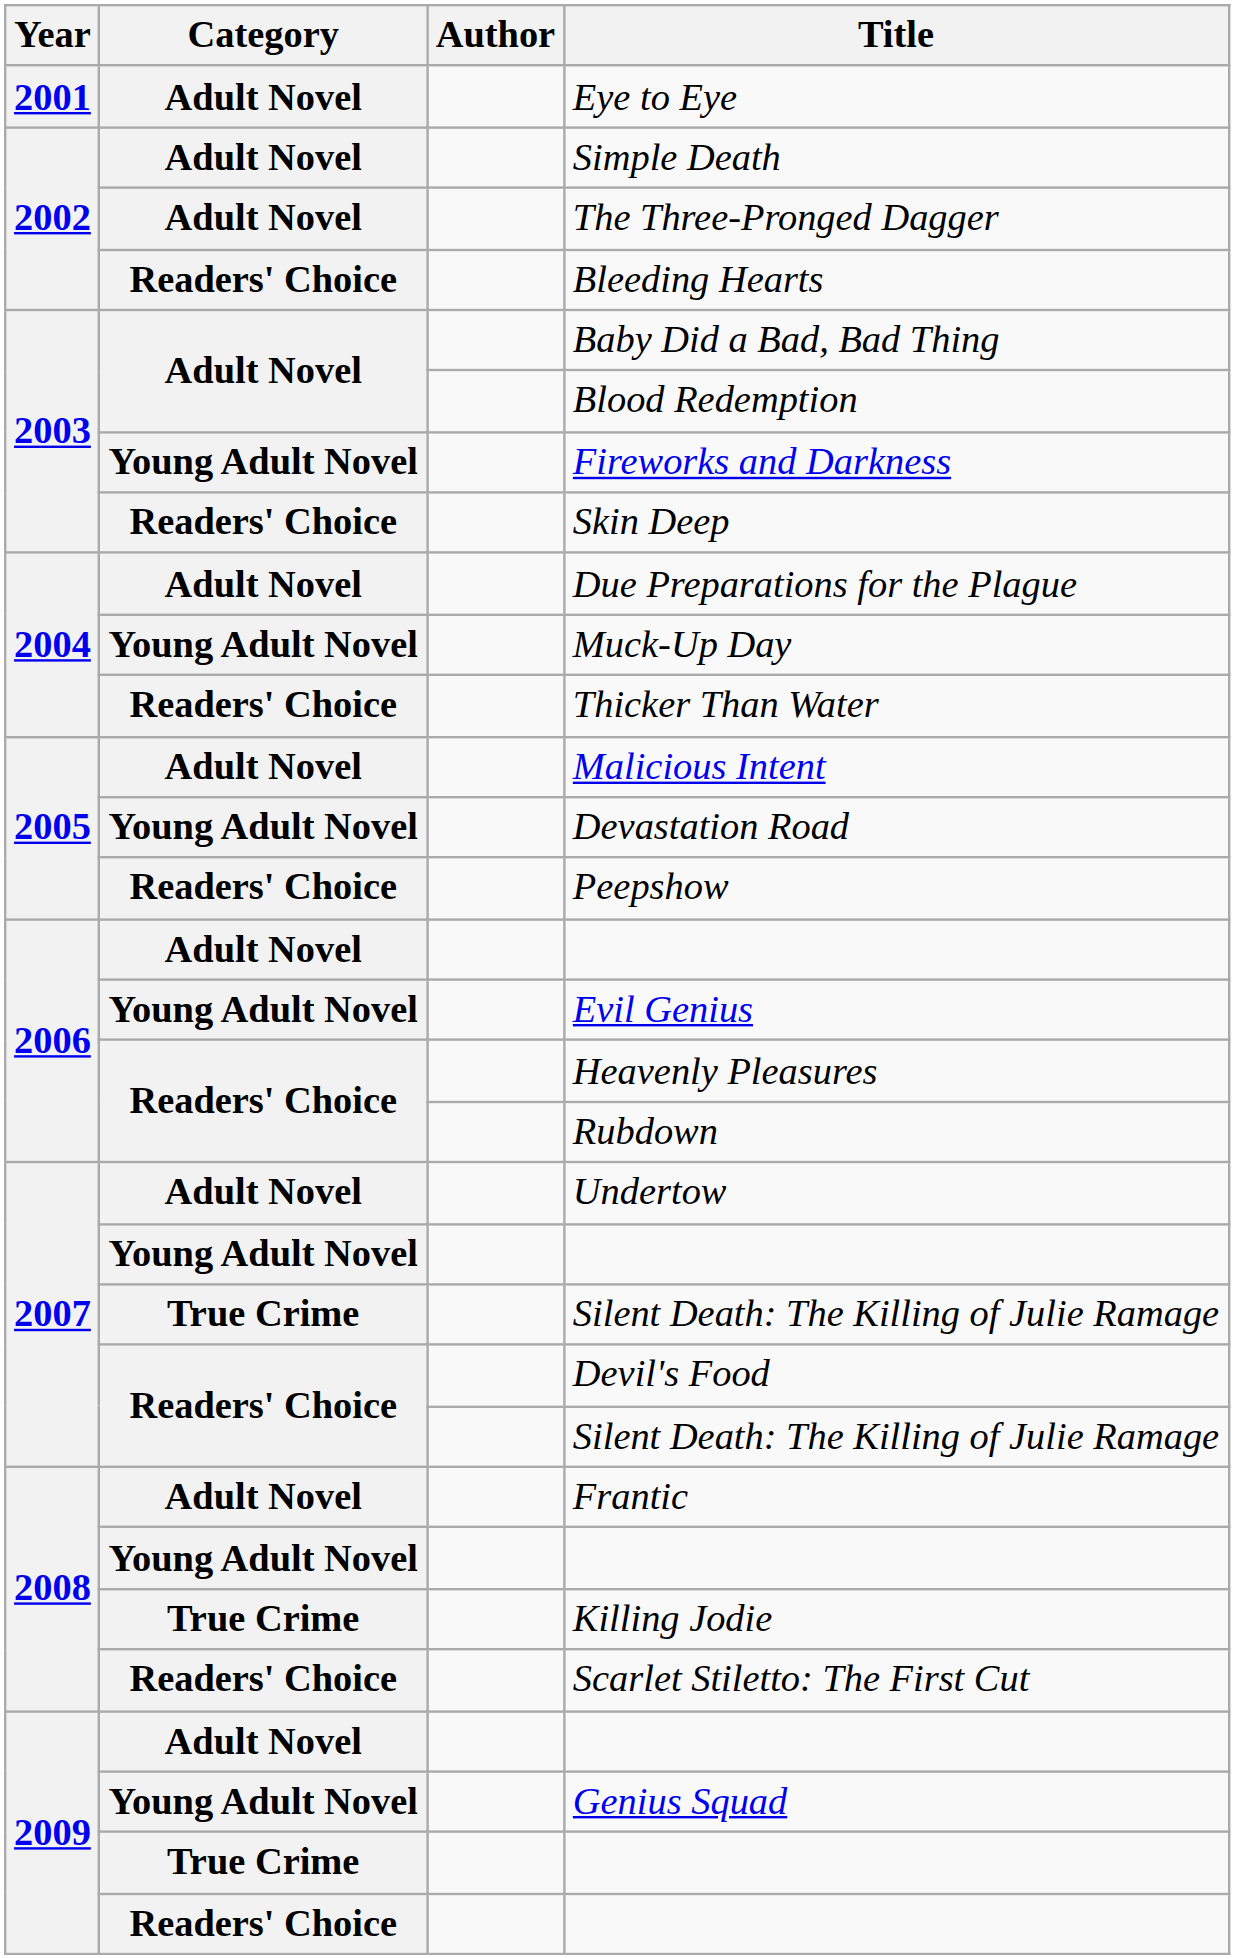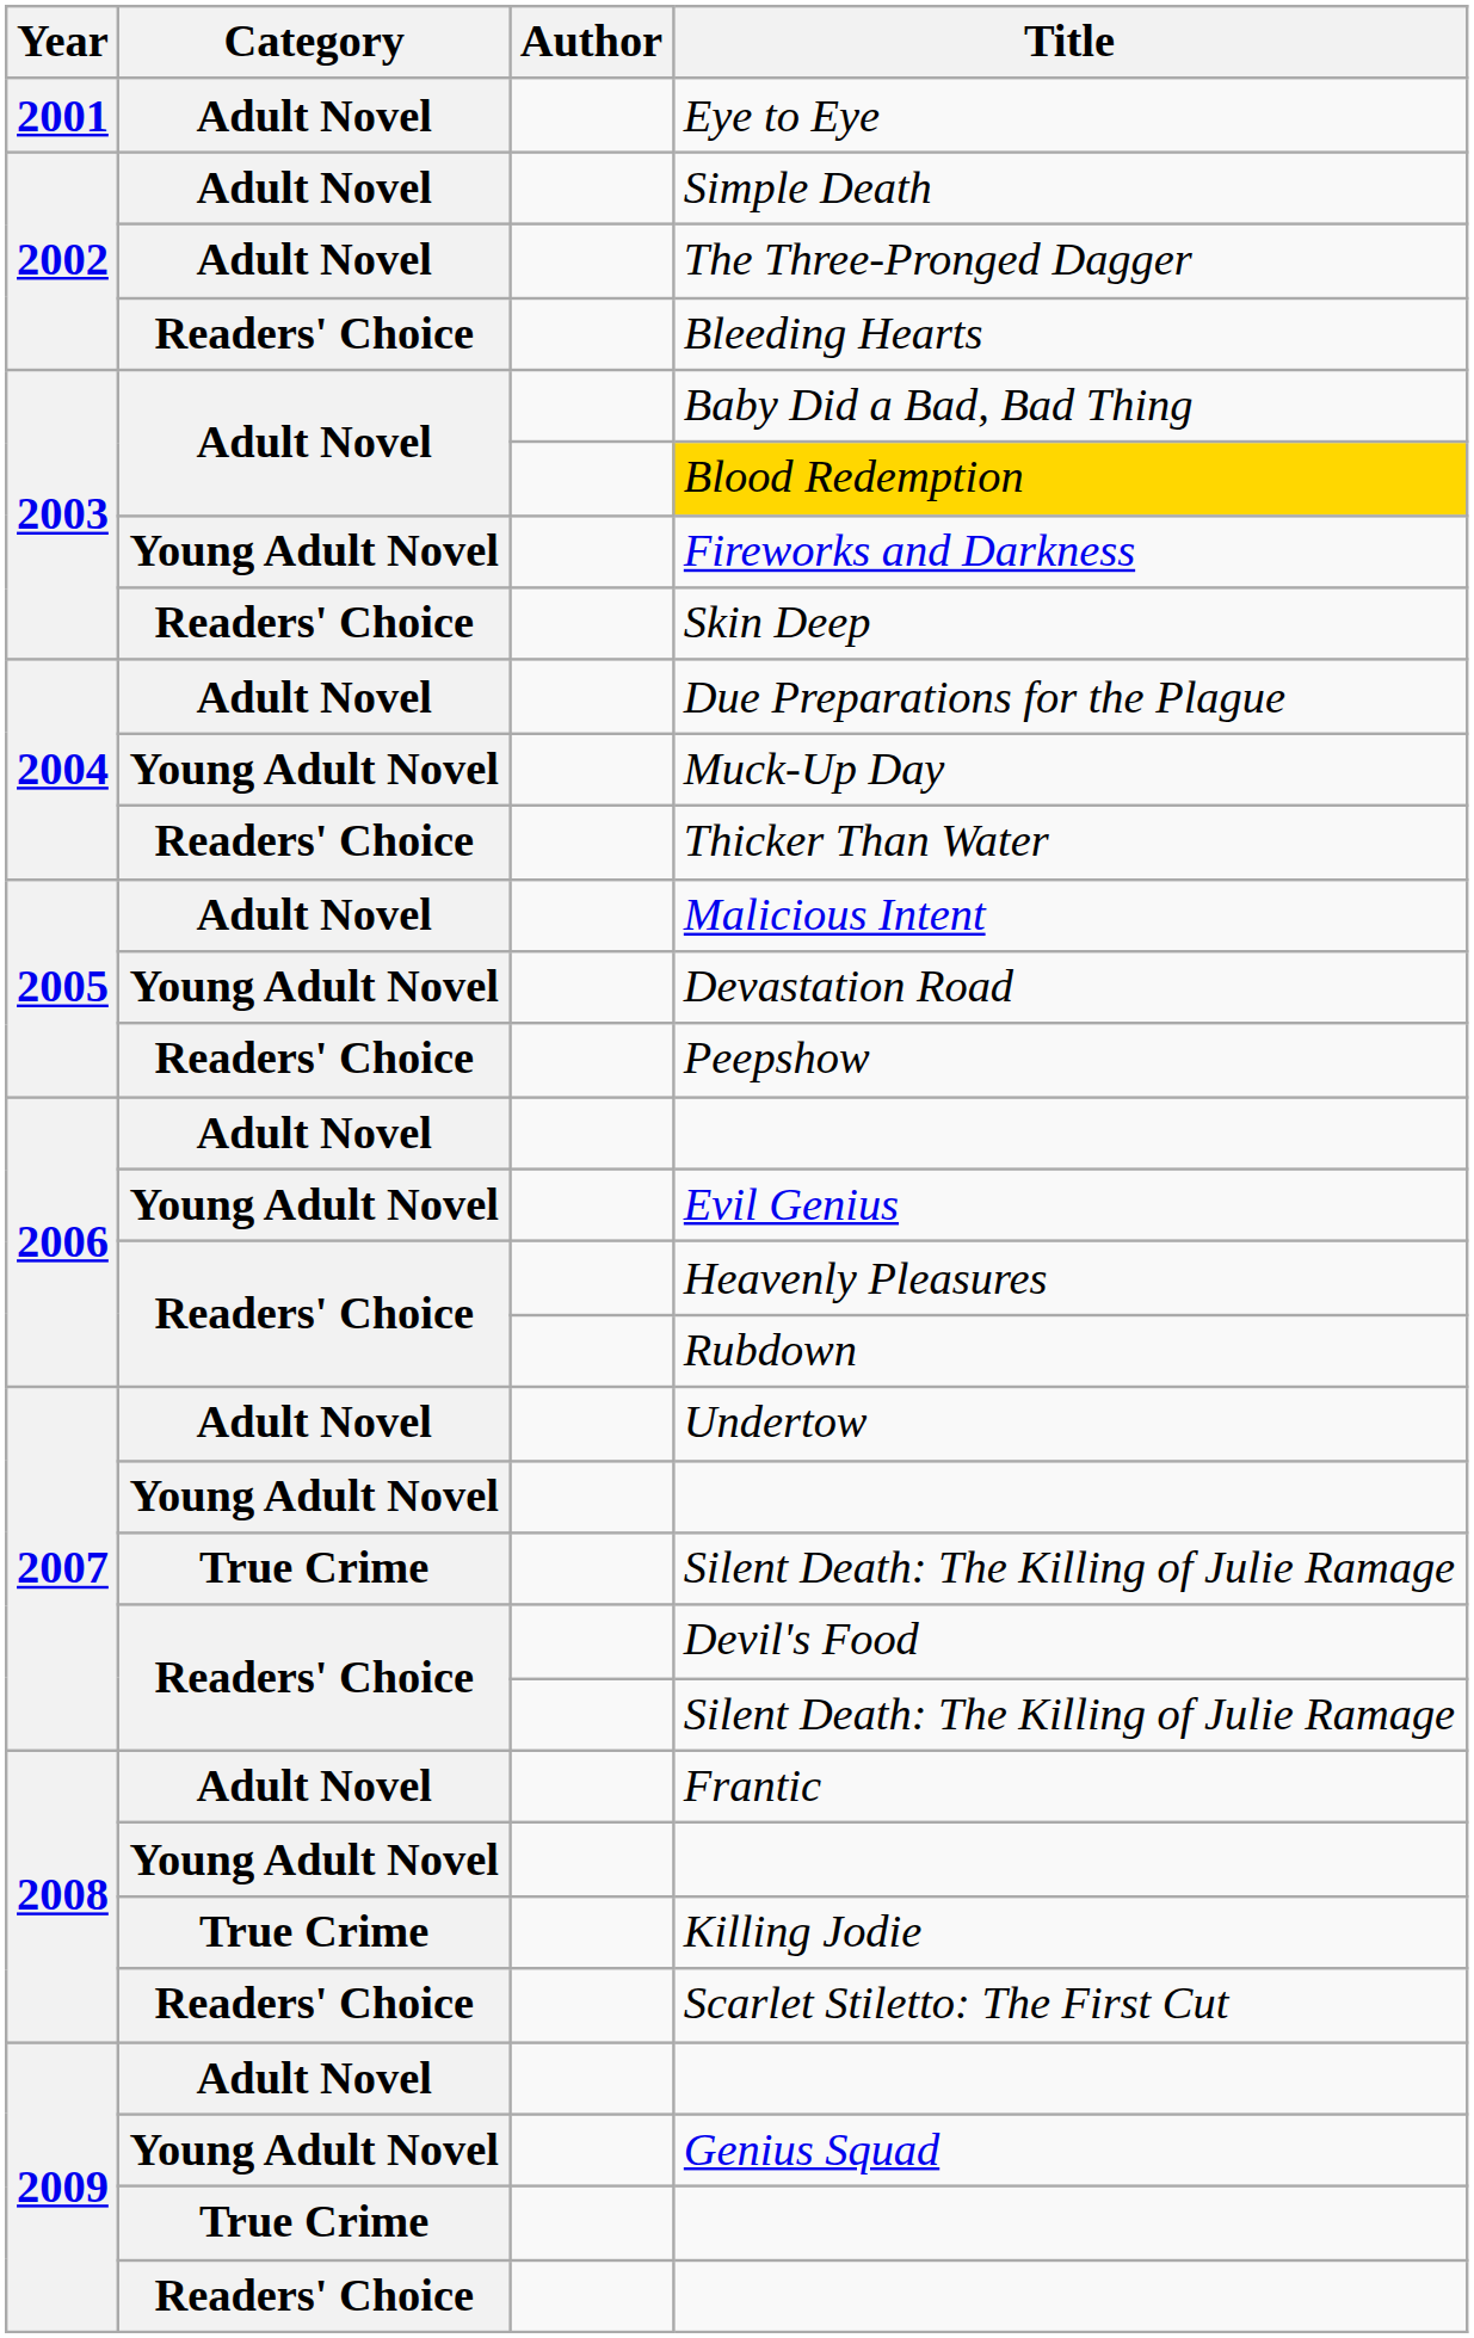 <table class="wikitable sortable mw-collapsible">
 <tr>
 <th>Year</th>
 <th>Category</th>
 <th>Author</th>
 <th>Title</th>
 </tr>
 <tr>
 <th><strong><a href='#'>2001</a></strong></th>
 <th>Adult Novel</th>
 <td></td>
 <td><em>Eye to Eye</em></td>
 </tr>
 <tr>
 <th rowspan="3"><strong><a href='#'>2002</a></strong></th>
 <th>Adult Novel</th>
 <td></td>
 <td><em>Simple Death</em></td>
 </tr>
 <tr>
 <th>Adult Novel</th>
 <td></td>
 <td><em>The Three-Pronged Dagger</em></td>
 </tr>
 <tr>
 <th>Readers' Choice</th>
 <td></td>
 <td><em>Bleeding Hearts</em></td>
 </tr>
 <tr>
 <th rowspan="4"><strong><a href='#'>2003</a></strong></th>
 <th rowspan="2">Adult Novel</th>
 <td></td>
 <td><em>Baby Did a Bad, Bad Thing</em></td>
 </tr>
 <tr>
 <td></td>
-<td><em>Blood Redemption</em></td>
+<td style="background: gold;"><em>Blood Redemption</em></td>
 </tr>
 <tr>
 <th>Young Adult Novel</th>
 <td></td>
 <td><em><a href='#'>Fireworks and Darkness</a></em></td>
 </tr>
 <tr>
 <th>Readers' Choice</th>
 <td></td>
 <td><em>Skin Deep</em></td>
 </tr>
 <tr>
 <th rowspan="3"><strong><a href='#'>2004</a></strong></th>
 <th>Adult Novel</th>
 <td></td>
 <td><em>Due Preparations for the Plague</em></td>
 </tr>
 <tr>
 <th>Young Adult Novel</th>
 <td></td>
 <td><em>Muck-Up Day</em></td>
 </tr>
 <tr>
 <th>Readers' Choice</th>
 <td></td>
 <td><em>Thicker Than Water</em></td>
 </tr>
 <tr>
 <th rowspan="3"><strong><a href='#'>2005</a></strong></th>
 <th>Adult Novel</th>
 <td></td>
 <td><em><a href='#'>Malicious Intent</a></em></td>
 </tr>
 <tr>
 <th>Young Adult Novel</th>
 <td></td>
 <td><em>Devastation Road</em></td>
 </tr>
 <tr>
 <th>Readers' Choice</th>
 <td></td>
 <td><em>Peepshow</em></td>
 </tr>
 <tr>
 <th rowspan="4"><strong><a href='#'>2006</a></strong></th>
 <th>Adult Novel</th>
 <td></td>
 <td><em></em></td>
 </tr>
 <tr>
 <th>Young Adult Novel</th>
 <td></td>
 <td><em><a href='#'>Evil Genius</a></em></td>
 </tr>
 <tr>
 <th rowspan="2">Readers' Choice</th>
 <td></td>
 <td><em>Heavenly Pleasures</em></td>
 </tr>
 <tr>
 <td></td>
 <td><em>Rubdown</em></td>
 </tr>
 <tr>
 <th rowspan="5"><strong><a href='#'>2007</a></strong></th>
 <th>Adult Novel</th>
 <td></td>
 <td><em>Undertow</em></td>
 </tr>
 <tr>
 <th>Young Adult Novel</th>
 <td></td>
 <td><em></em></td>
 </tr>
 <tr>
 <th>True Crime</th>
 <td></td>
 <td><em>Silent Death: The Killing of Julie Ramage</em></td>
 </tr>
 <tr>
 <th rowspan="2">Readers' Choice</th>
 <td></td>
 <td><em>Devil's Food</em></td>
 </tr>
 <tr>
 <td></td>
 <td><em>Silent Death: The Killing of Julie Ramage</em></td>
 </tr>
 <tr>
 <th rowspan="4"><strong><a href='#'>2008</a></strong></th>
 <th>Adult Novel</th>
 <td></td>
 <td><em>Frantic</em></td>
 </tr>
 <tr>
 <th>Young Adult Novel</th>
 <td></td>
 <td><em></em></td>
 </tr>
 <tr>
 <th>True Crime</th>
 <td></td>
 <td><em>Killing Jodie</em></td>
 </tr>
 <tr>
 <th>Readers' Choice</th>
 <td></td>
 <td><em>Scarlet Stiletto: The First Cut</em></td>
 </tr>
 <tr>
 <th rowspan="4"><strong><a href='#'>2009</a></strong></th>
 <th>Adult Novel</th>
 <td></td>
 <td><em></em></td>
 </tr>
 <tr>
 <th>Young Adult Novel</th>
 <td></td>
 <td><em><a href='#'>Genius Squad</a></em></td>
 </tr>
 <tr>
 <th>True Crime</th>
 <td></td>
 <td><em></em></td>
 </tr>
 <tr>
 <th>Readers' Choice</th>
 <td></td>
 <td><em></em></td>
 </tr>
 </table>
